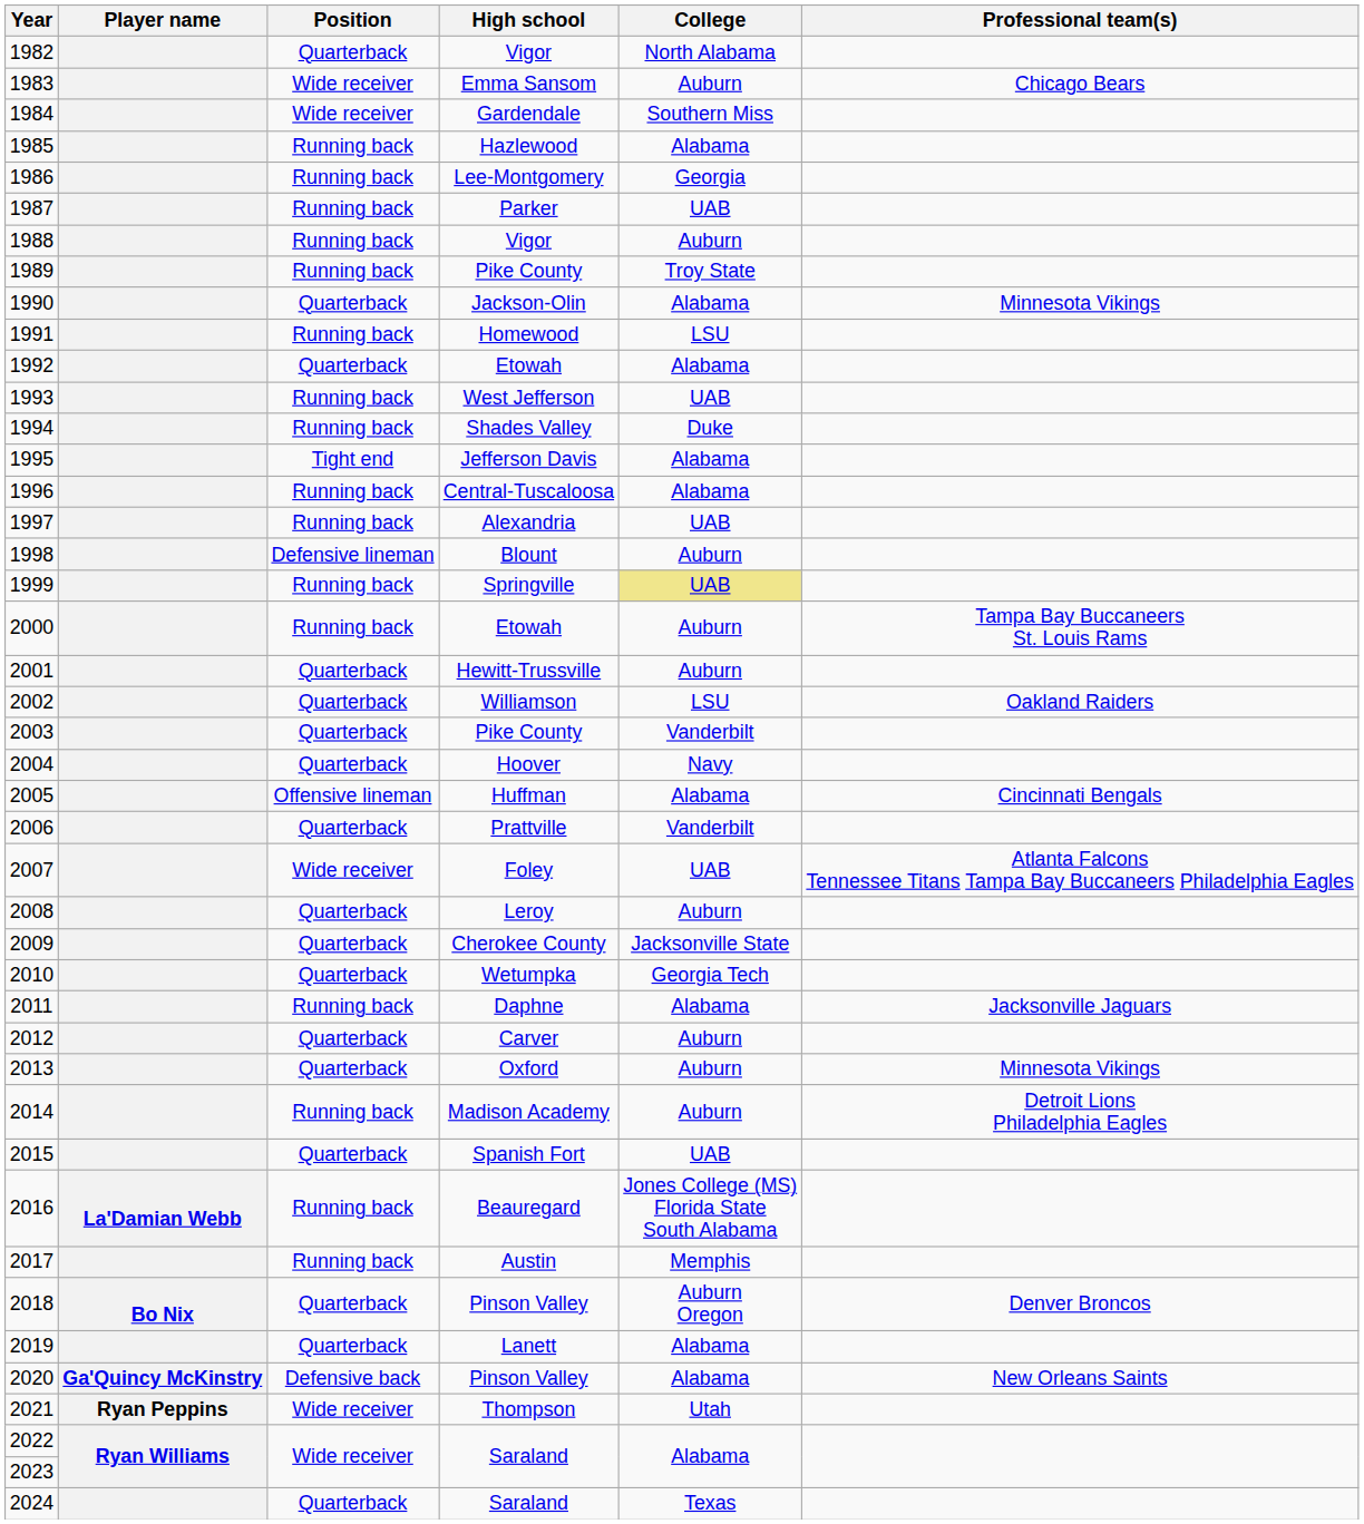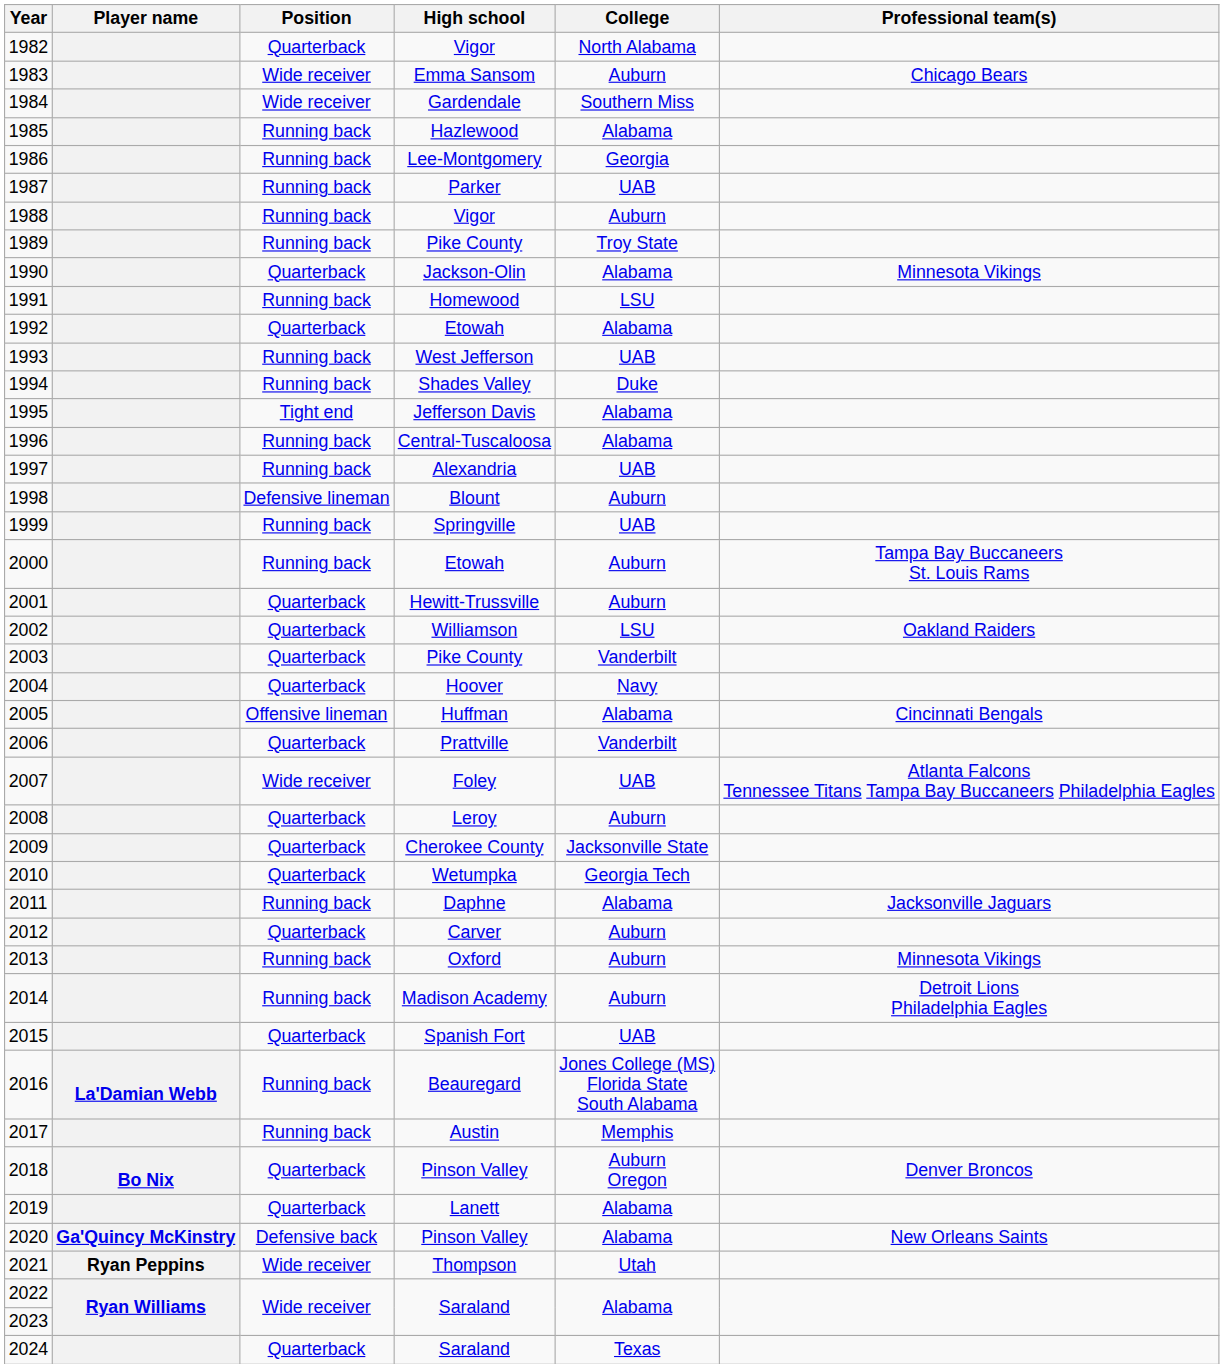 <table class="wikitable sortable" style="text-align:center">
 <tr>
 <th scope="col">Year</th>
 <th scope="col">Player name</th>
 <th scope="col">Position</th>
 <th scope="col">High school</th>
 <th scope="col">College</th>
 <th scope="col">Professional team(s)</th>
 </tr>
 <tr>
 <td>1982</td>
 <th scope="row"></th>
 <td><a href='#'>Quarterback</a></td>
 <td><a href='#'>Vigor</a></td>
 <td><a href='#'>North Alabama</a></td>
 <td></td>
 </tr>
 <tr>
 <td>1983</td>
 <th scope="row"></th>
 <td><a href='#'>Wide receiver</a></td>
 <td><a href='#'>Emma Sansom</a></td>
 <td><a href='#'>Auburn</a></td>
 <td><a href='#'>Chicago Bears</a></td>
 </tr>
 <tr>
 <td>1984</td>
 <th scope="row"></th>
 <td><a href='#'>Wide receiver</a></td>
 <td><a href='#'>Gardendale</a></td>
 <td><a href='#'>Southern Miss</a></td>
 <td></td>
 </tr>
 <tr>
 <td>1985</td>
 <th scope="row"></th>
 <td><a href='#'>Running back</a></td>
 <td><a href='#'>Hazlewood</a></td>
 <td><a href='#'>Alabama</a></td>
 <td></td>
 </tr>
 <tr>
 <td>1986</td>
 <th scope="row"></th>
 <td><a href='#'>Running back</a></td>
 <td><a href='#'>Lee-Montgomery</a></td>
 <td><a href='#'>Georgia</a></td>
 <td></td>
 </tr>
 <tr>
 <td>1987</td>
 <th scope="row"></th>
 <td><a href='#'>Running back</a></td>
 <td><a href='#'>Parker</a></td>
 <td><a href='#'>UAB</a></td>
 <td></td>
 </tr>
 <tr>
 <td>1988</td>
 <th scope="row"></th>
 <td><a href='#'>Running back</a></td>
 <td><a href='#'>Vigor</a></td>
 <td><a href='#'>Auburn</a></td>
 <td></td>
 </tr>
 <tr>
 <td>1989</td>
 <th scope="row"></th>
 <td><a href='#'>Running back</a></td>
 <td><a href='#'>Pike County</a></td>
 <td><a href='#'>Troy State</a></td>
 <td></td>
 </tr>
 <tr>
 <td>1990</td>
 <th scope="row"></th>
 <td><a href='#'>Quarterback</a></td>
 <td><a href='#'>Jackson-Olin</a></td>
 <td><a href='#'>Alabama</a></td>
 <td><a href='#'>Minnesota Vikings</a></td>
 </tr>
 <tr>
 <td>1991</td>
 <th scope="row"></th>
 <td><a href='#'>Running back</a></td>
 <td><a href='#'>Homewood</a></td>
 <td><a href='#'>LSU</a></td>
 <td></td>
 </tr>
 <tr>
 <td>1992</td>
 <th scope="row"></th>
 <td><a href='#'>Quarterback</a></td>
 <td><a href='#'>Etowah</a></td>
 <td><a href='#'>Alabama</a></td>
 <td></td>
 </tr>
 <tr>
 <td>1993</td>
 <th scope="row"></th>
 <td><a href='#'>Running back</a></td>
 <td><a href='#'>West Jefferson</a></td>
 <td><a href='#'>UAB</a></td>
 <td></td>
 </tr>
 <tr>
 <td>1994</td>
 <th scope="row"></th>
 <td><a href='#'>Running back</a></td>
 <td><a href='#'>Shades Valley</a></td>
 <td><a href='#'>Duke</a></td>
 <td></td>
 </tr>
 <tr>
 <td>1995</td>
 <th scope="row"></th>
 <td><a href='#'>Tight end</a></td>
 <td><a href='#'>Jefferson Davis</a></td>
 <td><a href='#'>Alabama</a></td>
 <td></td>
 </tr>
 <tr>
 <td>1996</td>
 <th scope="row"></th>
 <td><a href='#'>Running back</a></td>
 <td><a href='#'>Central-Tuscaloosa</a></td>
 <td><a href='#'>Alabama</a></td>
 <td></td>
 </tr>
 <tr>
 <td>1997</td>
 <th scope="row"></th>
 <td><a href='#'>Running back</a></td>
 <td><a href='#'>Alexandria</a></td>
 <td><a href='#'>UAB</a></td>
 <td></td>
 </tr>
 <tr>
 <td>1998</td>
 <th scope="row"></th>
 <td><a href='#'>Defensive lineman</a></td>
 <td><a href='#'>Blount</a></td>
 <td><a href='#'>Auburn</a></td>
 <td></td>
 </tr>
 <tr>
 <td>1999</td>
 <th scope="row"></th>
 <td><a href='#'>Running back</a></td>
 <td><a href='#'>Springville</a></td>
-<td style="background: khaki;"><a href='#'>UAB</a></td>
+<td><a href='#'>UAB</a></td>
 <td></td>
 </tr>
 <tr>
 <td>2000</td>
 <th scope="row"></th>
 <td><a href='#'>Running back</a></td>
 <td><a href='#'>Etowah</a></td>
 <td><a href='#'>Auburn</a></td>
 <td><a href='#'>Tampa Bay Buccaneers</a><br><a href='#'>St. Louis Rams</a></td>
 </tr>
 <tr>
 <td>2001</td>
 <th scope="row"></th>
 <td><a href='#'>Quarterback</a></td>
 <td><a href='#'>Hewitt-Trussville</a></td>
 <td><a href='#'>Auburn</a></td>
 <td></td>
 </tr>
 <tr>
 <td>2002</td>
 <th scope="row"></th>
 <td><a href='#'>Quarterback</a></td>
 <td><a href='#'>Williamson</a></td>
 <td><a href='#'>LSU</a></td>
 <td><a href='#'>Oakland Raiders</a></td>
 </tr>
 <tr>
 <td>2003</td>
 <th scope="row"></th>
 <td><a href='#'>Quarterback</a></td>
 <td><a href='#'>Pike County</a></td>
 <td><a href='#'>Vanderbilt</a></td>
 <td></td>
 </tr>
 <tr>
 <td>2004</td>
 <th scope="row"></th>
 <td><a href='#'>Quarterback</a></td>
 <td><a href='#'>Hoover</a></td>
 <td><a href='#'>Navy</a></td>
 <td></td>
 </tr>
 <tr>
 <td>2005</td>
 <th scope="row"></th>
 <td><a href='#'>Offensive lineman</a></td>
 <td><a href='#'>Huffman</a></td>
 <td><a href='#'>Alabama</a></td>
 <td><a href='#'>Cincinnati Bengals</a></td>
 </tr>
 <tr>
 <td>2006</td>
 <th scope="row"></th>
 <td><a href='#'>Quarterback</a></td>
 <td><a href='#'>Prattville</a></td>
 <td><a href='#'>Vanderbilt</a></td>
 <td></td>
 </tr>
 <tr>
 <td>2007</td>
 <th scope="row"></th>
 <td><a href='#'>Wide receiver</a></td>
 <td><a href='#'>Foley</a></td>
 <td><a href='#'>UAB</a></td>
 <td><a href='#'>Atlanta Falcons</a><br><a href='#'>Tennessee Titans</a> <a href='#'>Tampa Bay Buccaneers</a> <a href='#'>Philadelphia Eagles</a></td>
 </tr>
 <tr>
 <td>2008</td>
 <th scope="row"></th>
 <td><a href='#'>Quarterback</a></td>
 <td><a href='#'>Leroy</a></td>
 <td><a href='#'>Auburn</a></td>
 <td></td>
 </tr>
 <tr>
 <td>2009</td>
 <th scope="row"></th>
 <td><a href='#'>Quarterback</a></td>
 <td><a href='#'>Cherokee County</a></td>
 <td><a href='#'>Jacksonville State</a></td>
 <td></td>
 </tr>
 <tr>
 <td>2010</td>
 <th scope="row"></th>
 <td><a href='#'>Quarterback</a></td>
 <td><a href='#'>Wetumpka</a></td>
 <td><a href='#'>Georgia Tech</a></td>
 <td></td>
 </tr>
 <tr>
 <td>2011</td>
 <th scope="row"></th>
 <td><a href='#'>Running back</a></td>
 <td><a href='#'>Daphne</a></td>
 <td><a href='#'>Alabama</a></td>
 <td><a href='#'>Jacksonville Jaguars</a></td>
 </tr>
 <tr>
 <td>2012</td>
 <th scope="row"></th>
 <td><a href='#'>Quarterback</a></td>
 <td><a href='#'>Carver</a></td>
 <td><a href='#'>Auburn</a></td>
 <td></td>
 </tr>
 <tr>
 <td>2013</td>
 <th scope="row"></th>
-<td><a href='#'>Quarterback</a></td>
+<td><a href='#'>Running back</a></td>
 <td><a href='#'>Oxford</a></td>
 <td><a href='#'>Auburn</a></td>
 <td><a href='#'>Minnesota Vikings</a></td>
 </tr>
 <tr>
 <td>2014</td>
 <th scope="row"></th>
 <td><a href='#'>Running back</a></td>
 <td><a href='#'>Madison Academy</a></td>
 <td><a href='#'>Auburn</a></td>
 <td><a href='#'>Detroit Lions</a><br><a href='#'>Philadelphia Eagles</a></td>
 </tr>
 <tr>
 <td>2015</td>
 <th scope="row"></th>
 <td><a href='#'>Quarterback</a></td>
 <td><a href='#'>Spanish Fort</a></td>
 <td><a href='#'>UAB</a></td>
 <td></td>
 </tr>
 <tr>
 <td>2016</td>
 <th scope="row"><br><a href='#'>La'Damian Webb</a></th>
 <td><a href='#'>Running back</a></td>
 <td><a href='#'>Beauregard</a></td>
 <td><a href='#'>Jones College (MS)</a><br><a href='#'>Florida State</a><br><a href='#'>South Alabama</a></td>
 <td></td>
 </tr>
 <tr>
 <td>2017</td>
 <th scope="row"><br></th>
 <td><a href='#'>Running back</a></td>
 <td><a href='#'>Austin</a></td>
 <td><a href='#'>Memphis</a></td>
 <td></td>
 </tr>
 <tr>
 <td>2018</td>
 <th scope="row"><br><a href='#'>Bo Nix</a></th>
 <td><a href='#'>Quarterback</a></td>
 <td><a href='#'>Pinson Valley</a></td>
 <td><a href='#'>Auburn</a><br><a href='#'>Oregon</a></td>
 <td><a href='#'>Denver Broncos</a></td>
 </tr>
 <tr>
 <td>2019</td>
 <th scope="row"><br></th>
 <td><a href='#'>Quarterback</a></td>
 <td><a href='#'>Lanett</a></td>
 <td><a href='#'>Alabama</a></td>
 <td></td>
 </tr>
 <tr>
 <td>2020</td>
 <th><a href='#'>Ga'Quincy McKinstry</a></th>
 <td><a href='#'>Defensive back</a></td>
 <td><a href='#'>Pinson Valley</a></td>
 <td><a href='#'>Alabama</a></td>
 <td><a href='#'>New Orleans Saints</a></td>
 </tr>
 <tr>
 <td>2021</td>
 <th>Ryan Peppins</th>
 <td><a href='#'>Wide receiver</a></td>
 <td><a href='#'>Thompson</a></td>
 <td><a href='#'>Utah</a></td>
 <td></td>
 </tr>
 <tr>
 <td>2022</td>
 <th rowspan=2><a href='#'>Ryan Williams</a></th>
 <td rowspan=2><a href='#'>Wide receiver</a></td>
 <td rowspan=2><a href='#'>Saraland</a></td>
 <td rowspan=2><a href='#'>Alabama</a></td>
 <td rowspan=2></td>
 </tr>
 <tr>
 <td>2023</td>
 </tr>
 <tr>
 <td>2024</td>
 <th></th>
 <td><a href='#'>Quarterback</a></td>
 <td><a href='#'>Saraland</a></td>
 <td><a href='#'>Texas</a></td>
 <td></td>
 </tr>
 </table>
